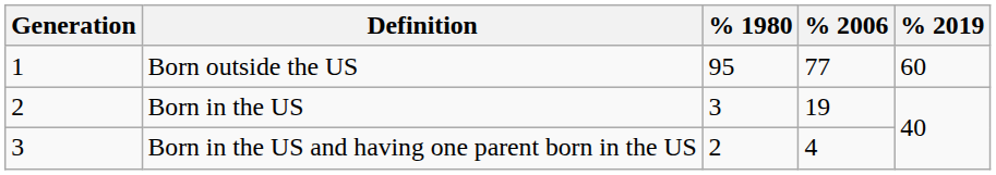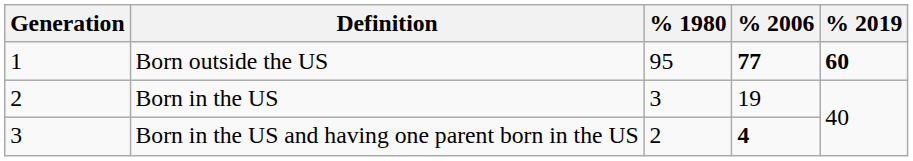 <table class="wikitable">
 <tr>
 <th>Generation</th>
 <th>Definition</th>
 <th>% 1980</th>
 <th>% 2006</th>
 <th>% 2019</th>
 </tr>
 <tr>
 <td>1</td>
 <td>Born outside the US</td>
 <td>95</td>
-<td>77</td>
-<td>60</td>
+<td><strong>77</strong></td>
+<td><strong>60</strong></td>
 </tr>
 <tr>
 <td>2</td>
 <td>Born in the US</td>
 <td>3</td>
 <td>19</td>
 <td rowspan="2">40</td>
 </tr>
 <tr>
 <td>3</td>
 <td>Born in the US and having one parent born in the US</td>
 <td>2</td>
-<td>4</td>
+<td><strong>4</strong></td>
 </tr>
 </table>
